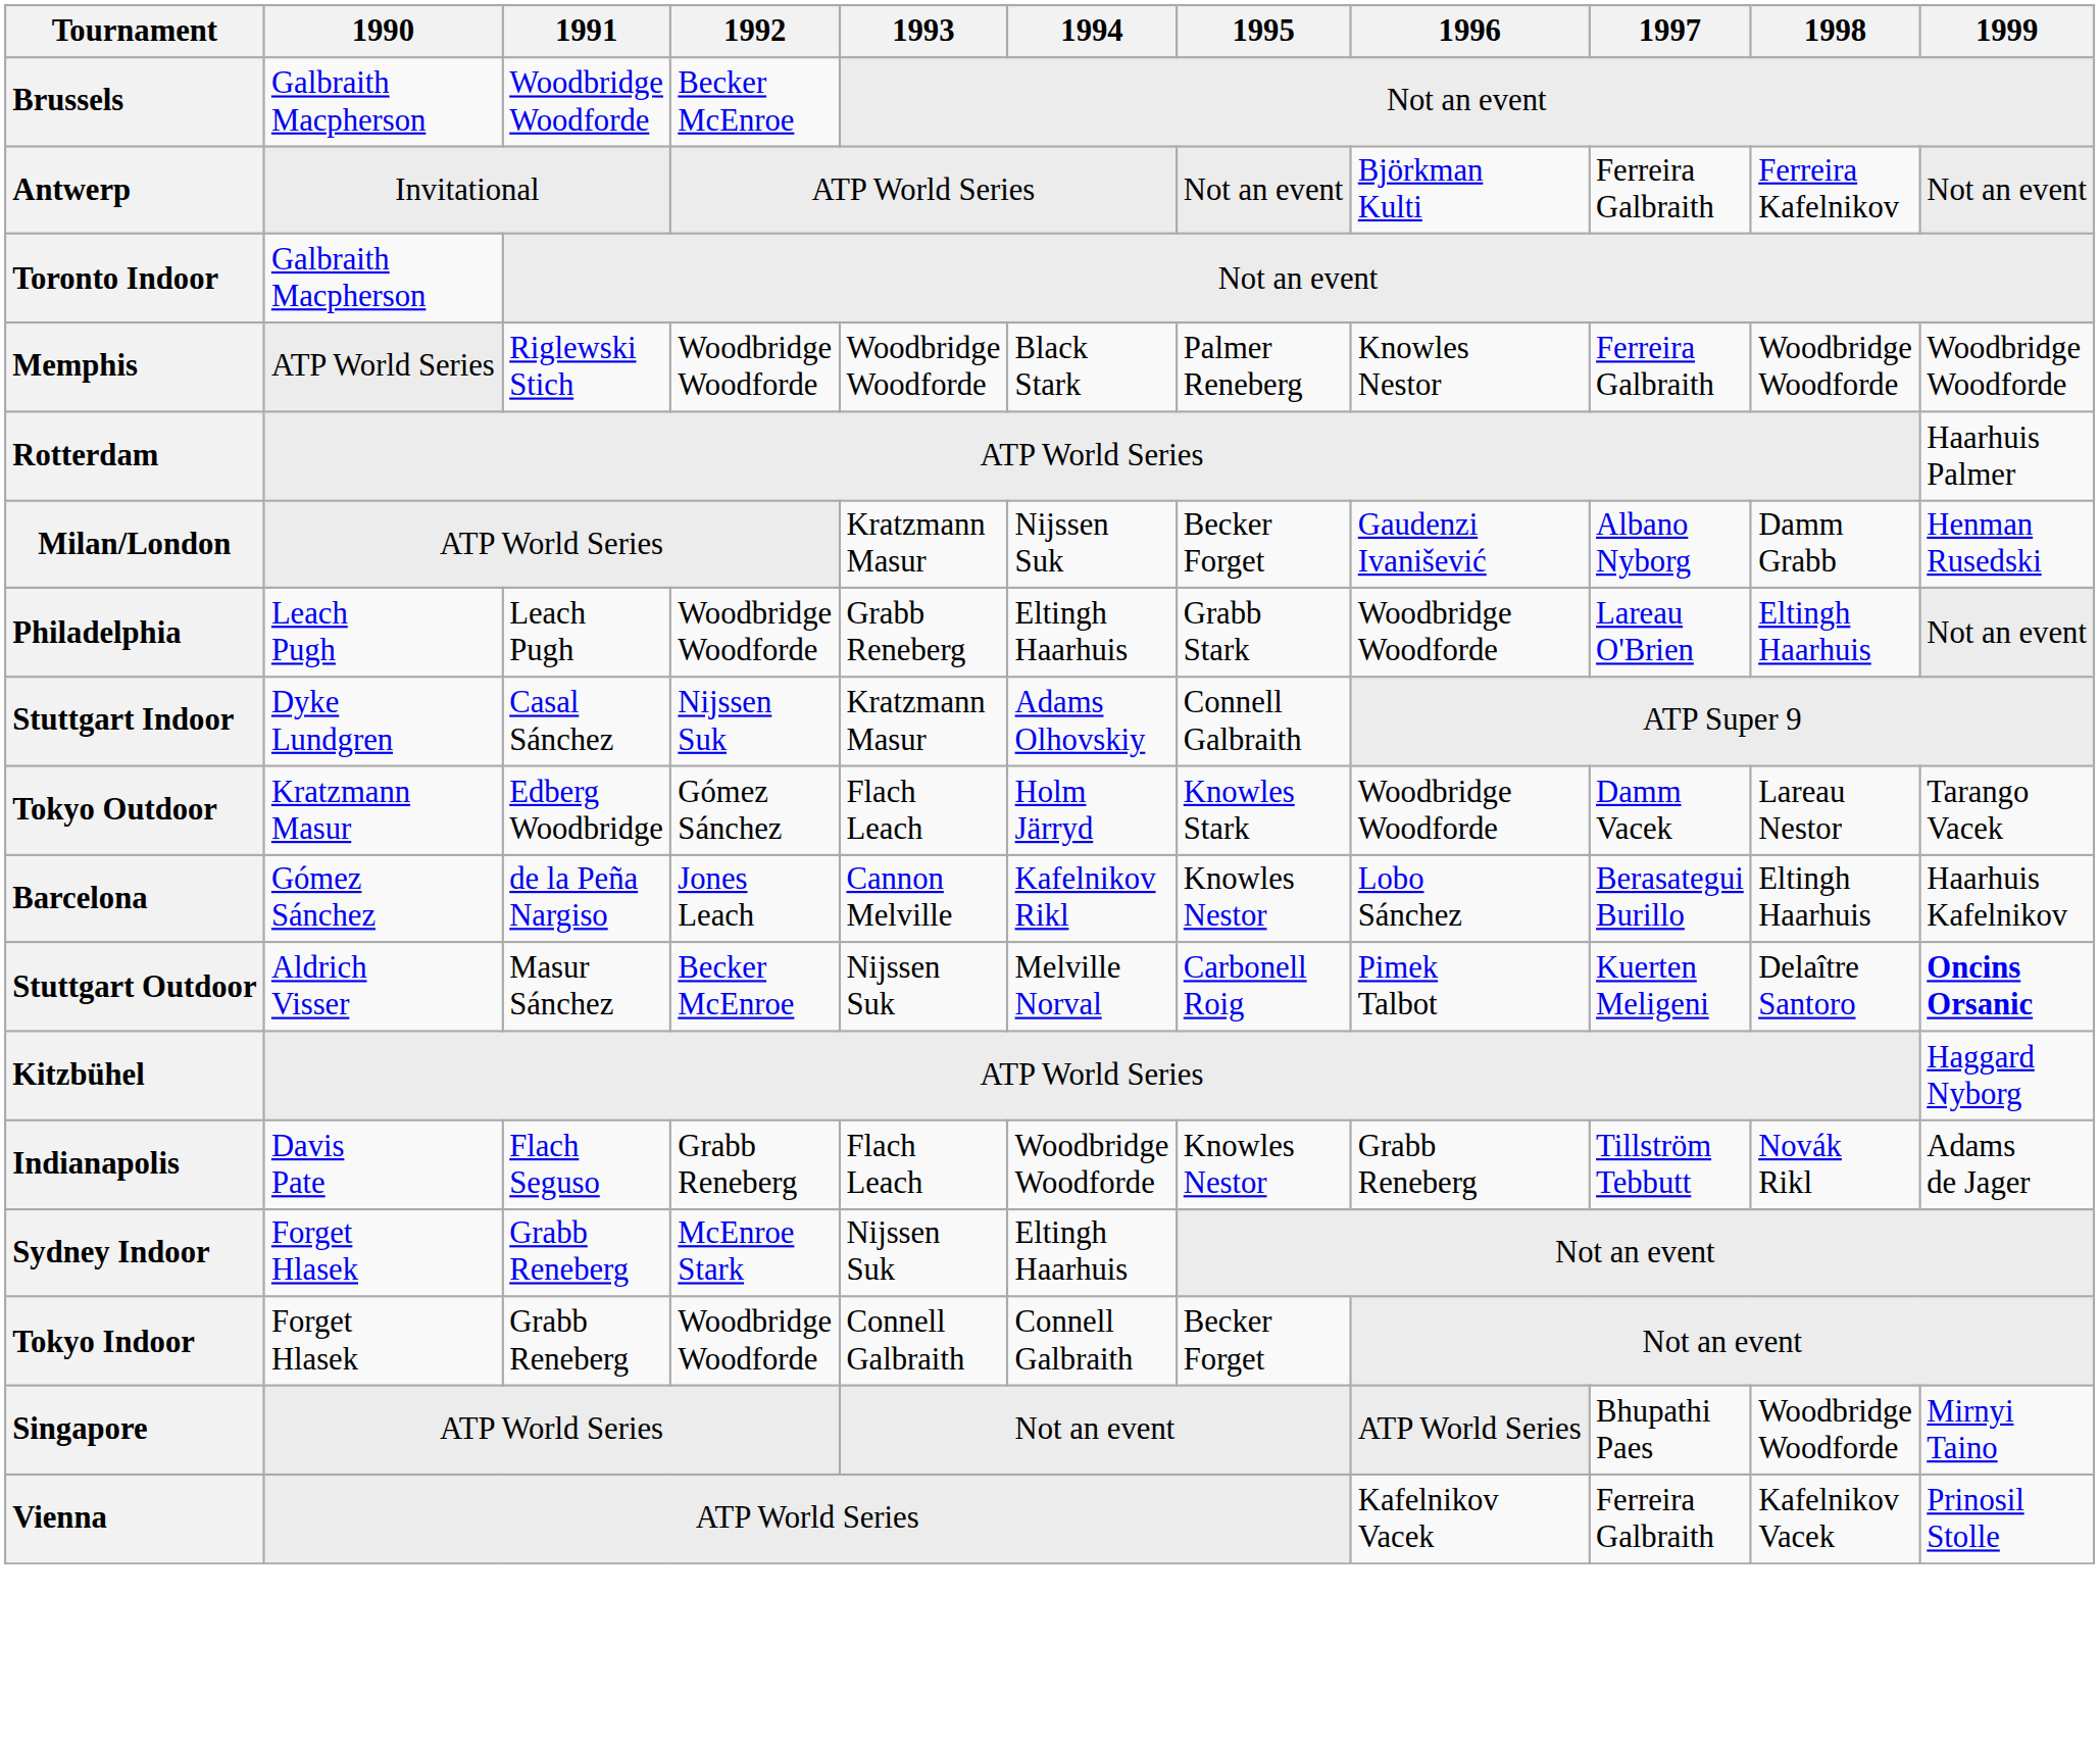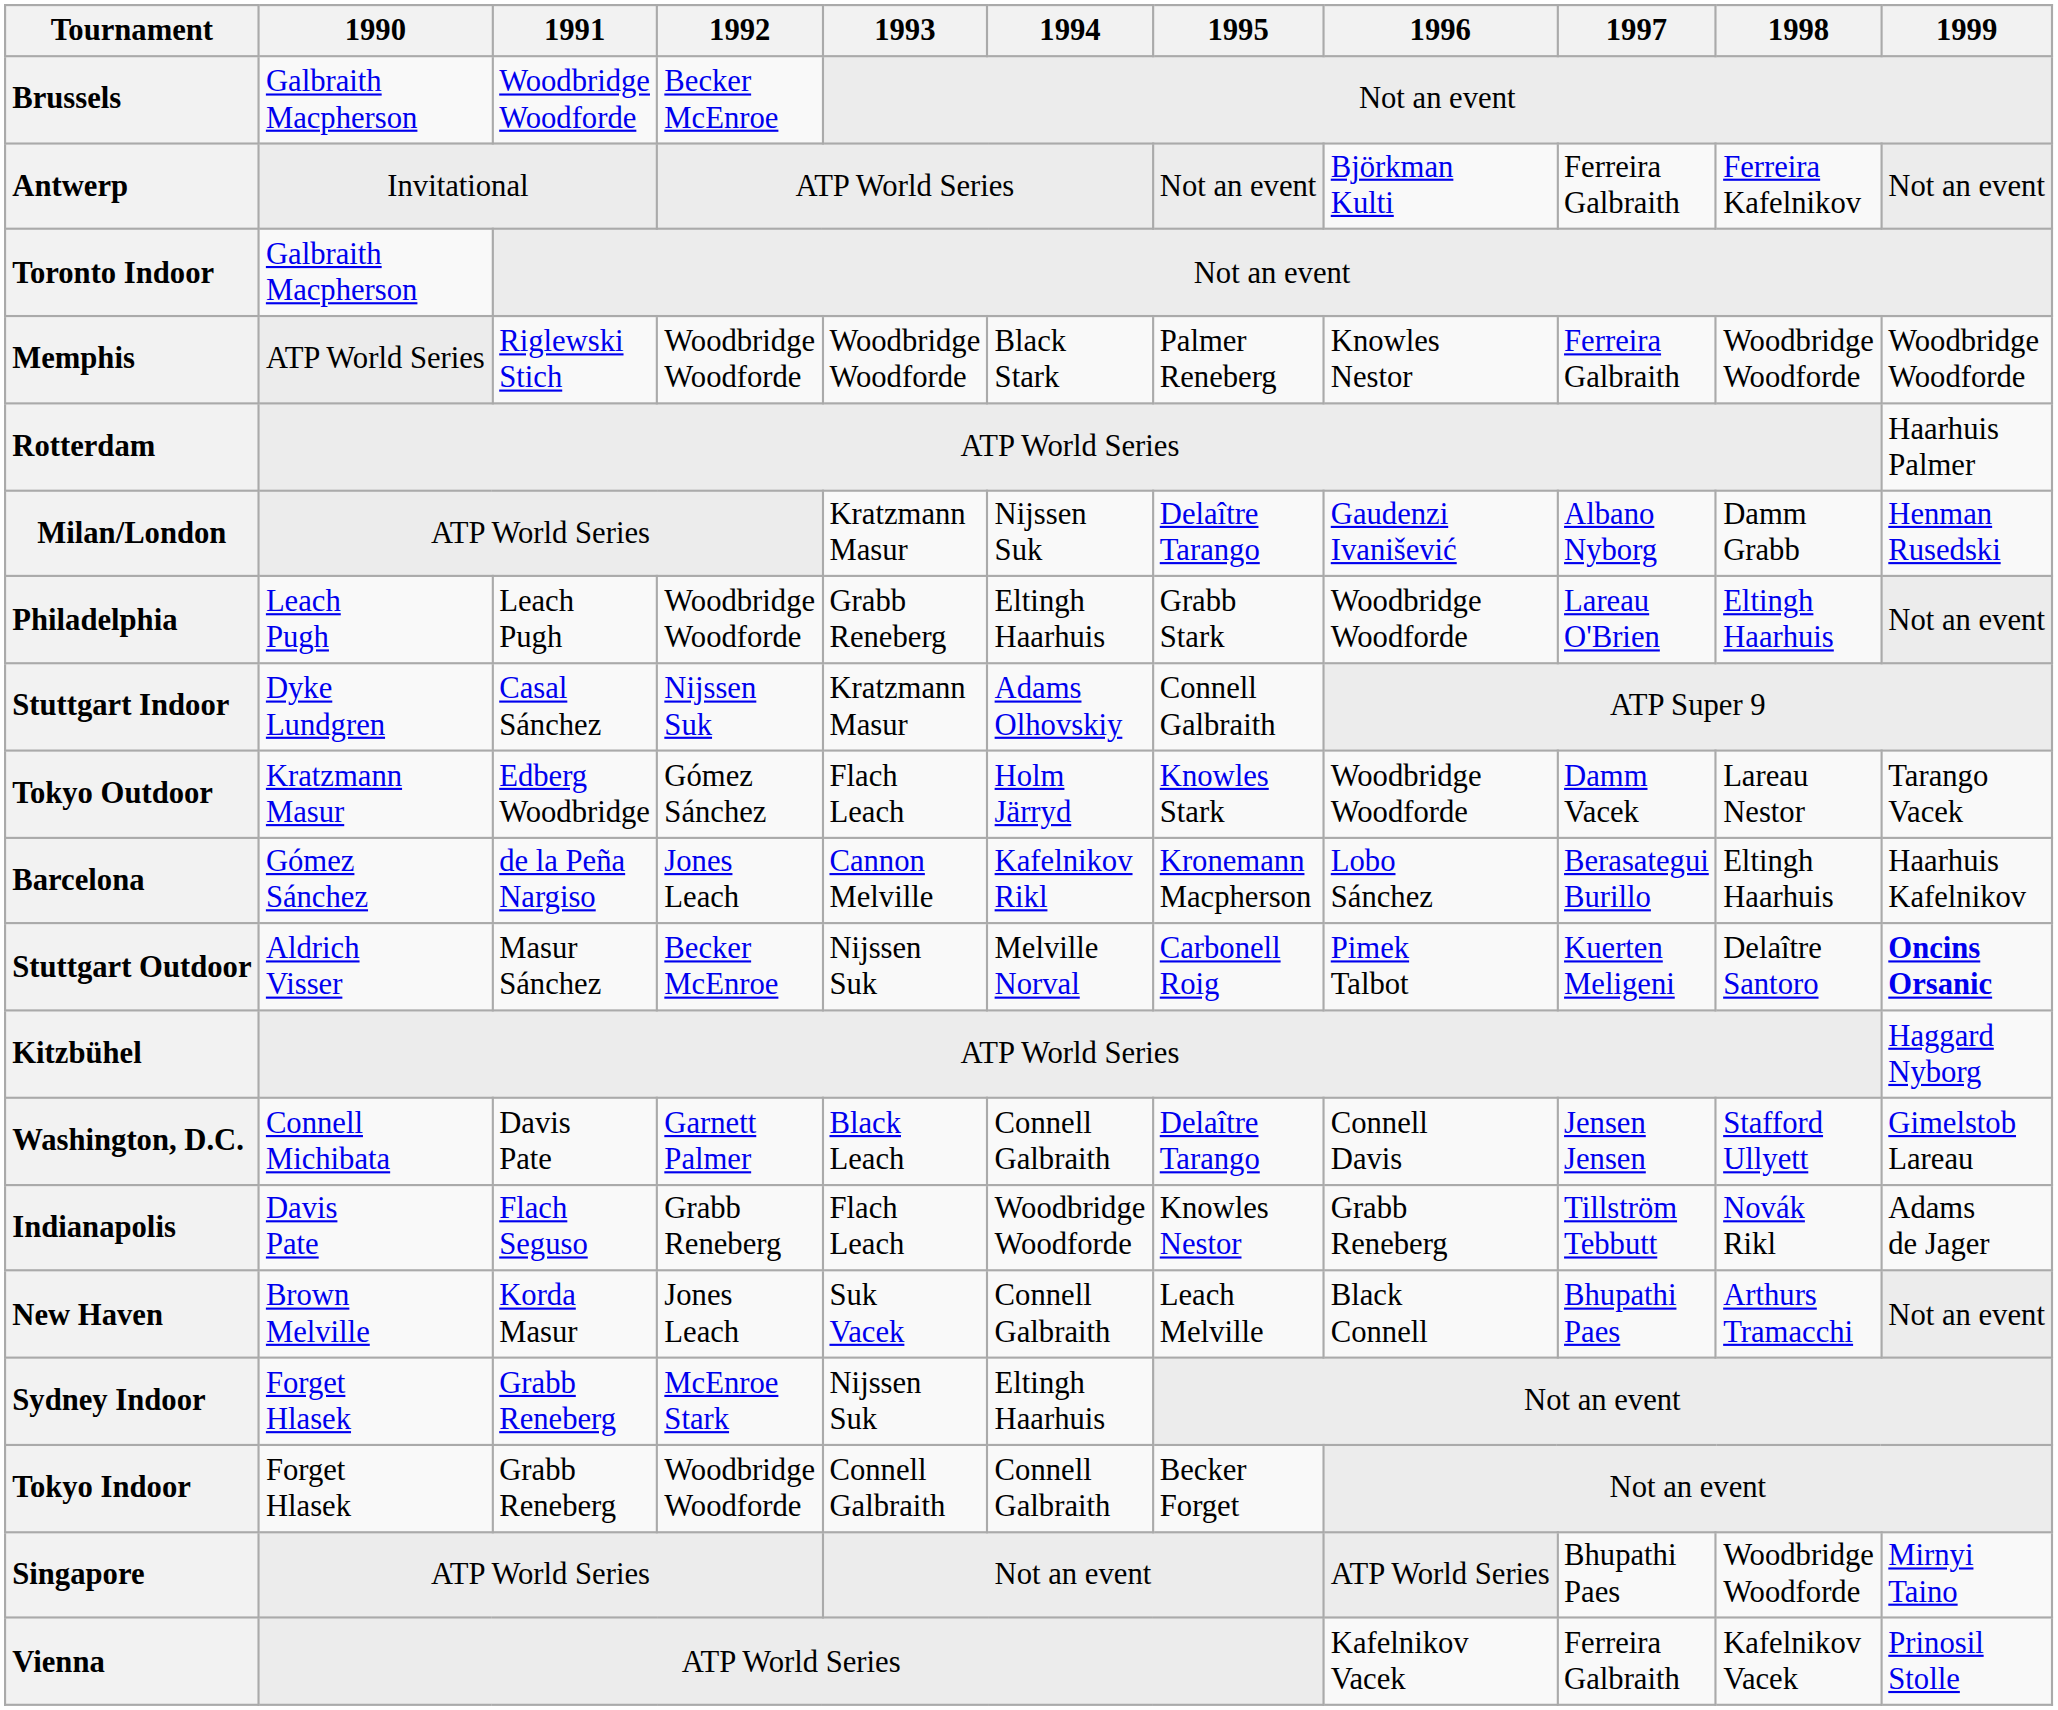 <table class="wikitable nowrap plainrowheaders" style="font-size:90%;">
 <tr bgcolor="#ececec">
 <th>Tournament</th>
 <th>1990</th>
 <th>1991</th>
 <th>1992</th>
 <th>1993</th>
 <th>1994</th>
 <th>1995</th>
 <th>1996</th>
 <th>1997</th>
 <th>1998</th>
 <th>1999</th>
 </tr>
 <tr>
 <th style="text-align: left;">Brussels</th>
 <td> <a href='#'>Galbraith</a><br> <a href='#'>Macpherson</a></td>
 <td> <a href='#'>Woodbridge</a><br> <a href='#'>Woodforde</a></td>
 <td> <a href='#'>Becker</a><br> <a href='#'>McEnroe</a></td>
 <td bgcolor="#ececec" align="center" colspan=7><span>Not an event</span></td>
 </tr>
 <tr>
 <th style="text-align: left;">Antwerp</th>
 <td bgcolor="#ececec" align="center" colspan=2><span>Invitational</span></td>
 <td bgcolor="#ececec" align="center" colspan=3><span>ATP World Series</span></td>
 <td bgcolor="#ececec" align="center"><span>Not an event</span></td>
 <td> <a href='#'>Björkman</a><br> <a href='#'>Kulti</a></td>
 <td> Ferreira<br> Galbraith</td>
 <td> <a href='#'>Ferreira</a><br> Kafelnikov</td>
 <td bgcolor="#ececec" align="center"><span>Not an event</span></td>
 </tr>
 <tr>
 <th style="text-align: left;">Toronto Indoor</th>
 <td> <a href='#'>Galbraith</a><br> <a href='#'>Macpherson</a></td>
 <td bgcolor="#ececec" align="center" colspan=9><span>Not an event</span></td>
 </tr>
 <tr>
 <th style="text-align: left;">Memphis</th>
 <td bgcolor="#ececec" align="center"><span>ATP World Series</span></td>
 <td> <a href='#'>Riglewski</a><br> <a href='#'>Stich</a></td>
 <td> Woodbridge<br> Woodforde</td>
 <td> Woodbridge<br> Woodforde</td>
 <td> Black<br> Stark</td>
 <td> Palmer<br> Reneberg</td>
 <td> Knowles<br> Nestor</td>
 <td> <a href='#'>Ferreira</a><br> Galbraith</td>
 <td> Woodbridge<br> Woodforde</td>
 <td> Woodbridge<br> Woodforde</td>
 </tr>
 <tr>
 <th style="text-align: left;">Rotterdam</th>
 <td bgcolor="#ececec" align="center" colspan=9><span>ATP World Series</span></td>
 <td> Haarhuis<br> Palmer</td>
 </tr>
 <tr>
 <th>Milan/London</th>
 <td bgcolor="#ececec" align="center" colspan=3><span>ATP World Series</span></td>
 <td> Kratzmann<br> Masur</td>
 <td> Nijssen<br> Suk</td>
-<td> Becker<br> Forget</td>
+<td> <a href='#'>Delaître</a><br> <a href='#'>Tarango</a></td>
 <td> <a href='#'>Gaudenzi</a><br> <a href='#'>Ivanišević</a></td>
 <td> <a href='#'>Albano</a><br> <a href='#'>Nyborg</a></td>
 <td> Damm<br> Grabb</td>
 <td> <a href='#'>Henman</a><br> <a href='#'>Rusedski</a></td>
 </tr>
 <tr>
 <th style="text-align: left;">Philadelphia</th>
 <td> <a href='#'>Leach</a><br> <a href='#'>Pugh</a></td>
 <td> Leach<br> Pugh</td>
 <td> Woodbridge<br> Woodforde</td>
 <td> Grabb<br> Reneberg</td>
 <td> Eltingh<br> Haarhuis</td>
 <td> Grabb<br> Stark</td>
 <td> Woodbridge<br> Woodforde</td>
 <td> <a href='#'>Lareau</a><br> <a href='#'>O'Brien</a></td>
 <td> <a href='#'>Eltingh</a><br> <a href='#'>Haarhuis</a></td>
 <td bgcolor="#ececec" align="center"><span>Not an event</span></td>
 </tr>
 <tr>
 <th style="text-align: left;">Stuttgart Indoor</th>
 <td> <a href='#'>Dyke</a><br> <a href='#'>Lundgren</a></td>
 <td> <a href='#'>Casal</a><br> Sánchez</td>
 <td> <a href='#'>Nijssen</a><br> <a href='#'>Suk</a></td>
 <td> Kratzmann<br> Masur</td>
 <td> <a href='#'>Adams</a><br> <a href='#'>Olhovskiy</a></td>
 <td> Connell<br> Galbraith</td>
 <td bgcolor="#ececec" align="center" colspan=4><span>ATP Super 9</span></td>
 </tr>
 <tr>
 <th style="text-align: left;">Tokyo Outdoor</th>
 <td> <a href='#'>Kratzmann</a><br> <a href='#'>Masur</a></td>
 <td> <a href='#'>Edberg</a><br> Woodbridge</td>
 <td> Gómez<br> Sánchez</td>
 <td> Flach<br> Leach</td>
 <td> <a href='#'>Holm</a><br> <a href='#'>Järryd</a></td>
 <td> <a href='#'>Knowles</a><br> Stark</td>
 <td> Woodbridge<br> Woodforde</td>
 <td> <a href='#'>Damm</a><br> Vacek</td>
 <td> Lareau<br> Nestor</td>
 <td> Tarango<br> Vacek</td>
 </tr>
 <tr>
 <th style="text-align: left;">Barcelona</th>
 <td> <a href='#'>Gómez</a><br> <a href='#'>Sánchez</a></td>
 <td> <a href='#'>de la Peña</a><br> <a href='#'>Nargiso</a></td>
 <td> <a href='#'>Jones</a><br> Leach</td>
 <td> <a href='#'>Cannon</a><br> Melville</td>
 <td> <a href='#'>Kafelnikov</a><br> <a href='#'>Rikl</a></td>
-<td> Knowles<br> <a href='#'>Nestor</a></td>
+<td> <a href='#'>Kronemann</a><br> Macpherson</td>
 <td> <a href='#'>Lobo</a><br> Sánchez</td>
 <td> <a href='#'>Berasategui</a><br> <a href='#'>Burillo</a></td>
 <td> Eltingh<br> Haarhuis</td>
 <td> Haarhuis<br> Kafelnikov</td>
 </tr>
 <tr>
 <th style="text-align: left;">Stuttgart Outdoor</th>
 <td> <a href='#'>Aldrich</a><br> <a href='#'>Visser</a></td>
 <td> Masur<br> Sánchez</td>
 <td> <a href='#'>Becker</a><br> <a href='#'>McEnroe</a></td>
 <td> Nijssen<br> Suk</td>
 <td> Melville<br> <a href='#'>Norval</a></td>
 <td> <a href='#'>Carbonell</a><br> <a href='#'>Roig</a></td>
 <td> <a href='#'>Pimek</a><br> Talbot</td>
 <td> <a href='#'>Kuerten</a><br> <a href='#'>Meligeni</a></td>
 <td> Delaître<br> <a href='#'>Santoro</a></td>
 <td><strong> <a href='#'>Oncins</a><br> <a href='#'>Orsanic</a></strong></td>
 </tr>
 <tr>
 <th style="text-align: left;">Kitzbühel</th>
 <td bgcolor="#ececec" align="center" colspan=9><span>ATP World Series</span></td>
 <td> <a href='#'>Haggard</a><br> <a href='#'>Nyborg</a></td>
 </tr>
 <tr>
+<th style="text-align: left;">Washington, D.C.</th>
+<td> <a href='#'>Connell</a><br> <a href='#'>Michibata</a></td>
+<td> Davis<br> Pate</td>
+<td> <a href='#'>Garnett</a><br> <a href='#'>Palmer</a></td>
+<td> <a href='#'>Black</a><br> Leach</td>
+<td> Connell<br> Galbraith</td>
+<td> <a href='#'>Delaître</a><br> <a href='#'>Tarango</a></td>
+<td> Connell<br> Davis</td>
+<td> <a href='#'>Jensen</a><br> <a href='#'>Jensen</a></td>
+<td> <a href='#'>Stafford</a><br> <a href='#'>Ullyett</a></td>
+<td> <a href='#'>Gimelstob</a><br> Lareau</td>
+</tr>
+<tr>
 <th style="text-align: left;">Indianapolis</th>
 <td> <a href='#'>Davis</a><br> <a href='#'>Pate</a></td>
 <td> <a href='#'>Flach</a><br> <a href='#'>Seguso</a></td>
 <td> Grabb<br> Reneberg</td>
 <td> Flach<br> Leach</td>
 <td> Woodbridge<br> Woodforde</td>
 <td> Knowles<br> <a href='#'>Nestor</a></td>
 <td> Grabb<br> Reneberg</td>
 <td> <a href='#'>Tillström</a><br> <a href='#'>Tebbutt</a></td>
 <td> <a href='#'>Novák</a><br> Rikl</td>
 <td> Adams<br> de Jager</td>
+</tr>
+<tr>
+<th style="text-align: left;">New Haven</th>
+<td> <a href='#'>Brown</a><br> <a href='#'>Melville</a></td>
+<td> <a href='#'>Korda</a><br> Masur</td>
+<td> Jones<br> Leach</td>
+<td> Suk<br> <a href='#'>Vacek</a></td>
+<td> Connell<br> Galbraith</td>
+<td> Leach<br> Melville</td>
+<td> Black<br> Connell</td>
+<td> <a href='#'>Bhupathi</a><br> <a href='#'>Paes</a></td>
+<td> <a href='#'>Arthurs</a><br> <a href='#'>Tramacchi</a></td>
+<td bgcolor="#ececec" align="center"><span>Not an event</span></td>
 </tr>
 <tr>
 <th style="text-align: left;">Sydney Indoor</th>
 <td> <a href='#'>Forget</a><br> <a href='#'>Hlasek</a></td>
 <td> <a href='#'>Grabb</a><br> <a href='#'>Reneberg</a></td>
 <td> <a href='#'>McEnroe</a><br> <a href='#'>Stark</a></td>
 <td> Nijssen<br> Suk</td>
 <td> Eltingh<br> Haarhuis</td>
 <td bgcolor="#ececec" align="center" colspan=5><span>Not an event</span></td>
 </tr>
 <tr>
 <th style="text-align: left;">Tokyo Indoor</th>
 <td> Forget<br> Hlasek</td>
 <td> Grabb<br> Reneberg</td>
 <td> Woodbridge<br> Woodforde</td>
 <td> Connell<br> Galbraith</td>
 <td> Connell<br> Galbraith</td>
 <td> Becker<br> Forget</td>
 <td bgcolor="#ececec" align="center" colspan=4><span>Not an event</span></td>
 </tr>
 <tr>
 <th style="text-align: left;">Singapore</th>
 <td bgcolor="#ececec" align="center" colspan=3><span>ATP World Series</span></td>
 <td bgcolor="#ececec" align="center" colspan=3><span>Not an event</span></td>
 <td bgcolor="#ececec" align="center"><span>ATP World Series</span></td>
 <td> Bhupathi<br> Paes</td>
 <td> Woodbridge<br> Woodforde</td>
 <td> <a href='#'>Mirnyi</a><br> <a href='#'>Taino</a></td>
 </tr>
 <tr>
 <th style="text-align: left;">Vienna</th>
 <td bgcolor="#ececec" align="center" colspan=6><span>ATP World Series</span></td>
 <td> Kafelnikov<br> Vacek</td>
 <td> Ferreira<br> Galbraith</td>
 <td> Kafelnikov<br> Vacek</td>
 <td> <a href='#'>Prinosil</a><br> <a href='#'>Stolle</a></td>
 </tr>
 </table>
